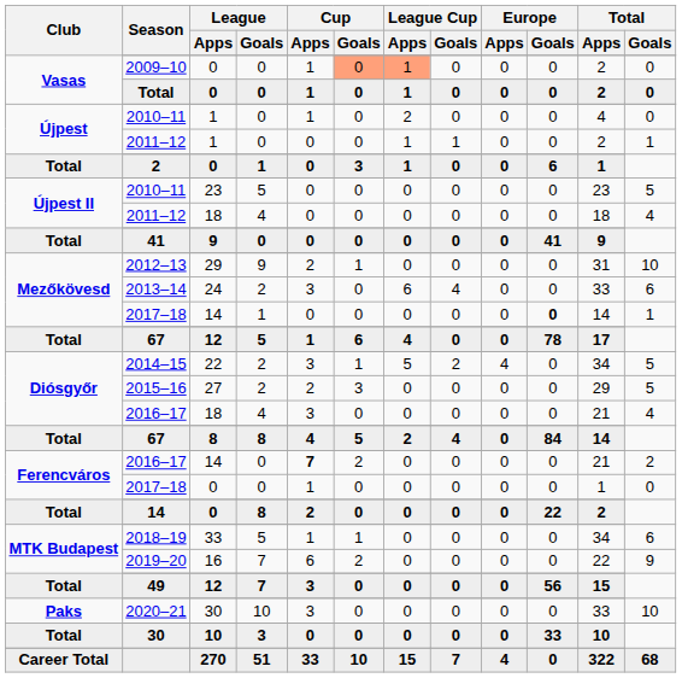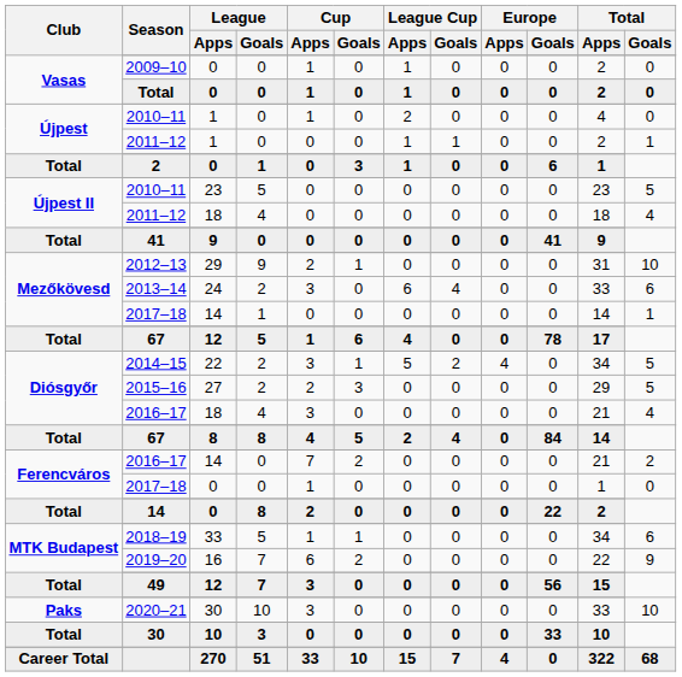 <table class="wikitable" style="font-size:90%; text-align: center;">
 <tr>
 <th rowspan="2">Club</th>
 <th rowspan="2">Season</th>
 <th colspan="2">League</th>
 <th colspan="2">Cup</th>
 <th colspan="2">League Cup</th>
 <th colspan="2">Europe</th>
 <th colspan="2">Total</th>
 </tr>
 <tr>
 <th>Apps</th>
 <th>Goals</th>
 <th>Apps</th>
 <th>Goals</th>
 <th>Apps</th>
 <th>Goals</th>
 <th>Apps</th>
 <th>Goals</th>
 <th>Apps</th>
 <th>Goals</th>
 </tr>
 <tr ||-||-||-|->
 <td rowspan="3" valign="center"><strong><a href='#'>Vasas</a></strong></td>
 </tr>
 <tr>
 <td><a href='#'>2009–10</a></td>
 <td>0</td>
 <td>0</td>
 <td>1</td>
-<td style="background: lightsalmon;">0</td>
-<td style="background: lightsalmon;">1</td>
+<td>0</td>
+<td>1</td>
 <td>0</td>
 <td>0</td>
 <td>0</td>
 <td>2</td>
 <td>0</td>
 </tr>
 <tr style="font-weight:bold; background-color:#eeeeee;">
 <td>Total</td>
 <td>0</td>
 <td>0</td>
 <td>1</td>
 <td>0</td>
 <td>1</td>
 <td>0</td>
 <td>0</td>
 <td>0</td>
 <td>2</td>
 <td>0</td>
 </tr>
 <tr>
 <td rowspan="4" valign="center"><strong><a href='#'>Újpest</a></strong></td>
 </tr>
 <tr>
 <td><a href='#'>2010–11</a></td>
 <td>1</td>
 <td>0</td>
 <td>1</td>
 <td>0</td>
 <td>2</td>
 <td>0</td>
 <td>0</td>
 <td>0</td>
 <td>4</td>
 <td>0</td>
 </tr>
 <tr>
 <td><a href='#'>2011–12</a></td>
 <td>1</td>
 <td>0</td>
 <td>0</td>
 <td>0</td>
 <td>1</td>
 <td>1</td>
 <td>0</td>
 <td>0</td>
 <td>2</td>
 <td>1</td>
 </tr>
 <tr>
 </tr>
 <tr style="font-weight:bold; background-color:#eeeeee;">
 <td>Total</td>
 <td>2</td>
 <td>0</td>
 <td>1</td>
 <td>0</td>
 <td>3</td>
 <td>1</td>
 <td>0</td>
 <td>0</td>
 <td>6</td>
 <td>1</td>
 </tr>
 <tr>
 <td rowspan="4" valign="center"><strong><a href='#'>Újpest II</a></strong></td>
 </tr>
 <tr>
 <td><a href='#'>2010–11</a></td>
 <td>23</td>
 <td>5</td>
 <td>0</td>
 <td>0</td>
 <td>0</td>
 <td>0</td>
 <td>0</td>
 <td>0</td>
 <td>23</td>
 <td>5</td>
 </tr>
 <tr>
 <td><a href='#'>2011–12</a></td>
 <td>18</td>
 <td>4</td>
 <td>0</td>
 <td>0</td>
 <td>0</td>
 <td>0</td>
 <td>0</td>
 <td>0</td>
 <td>18</td>
 <td>4</td>
 </tr>
 <tr>
 </tr>
 <tr style="font-weight:bold; background-color:#eeeeee;">
 <td>Total</td>
 <td>41</td>
 <td>9</td>
 <td>0</td>
 <td>0</td>
 <td>0</td>
 <td>0</td>
 <td>0</td>
 <td>0</td>
 <td>41</td>
 <td>9</td>
 </tr>
 <tr>
 <td rowspan="5" valign="center"><strong><a href='#'>Mezőkövesd</a></strong></td>
 </tr>
 <tr>
 <td><a href='#'>2012–13</a></td>
 <td>29</td>
 <td>9</td>
 <td>2</td>
 <td>1</td>
 <td>0</td>
 <td>0</td>
 <td>0</td>
 <td>0</td>
 <td>31</td>
 <td>10</td>
 </tr>
 <tr>
 <td><a href='#'>2013–14</a></td>
 <td>24</td>
 <td>2</td>
 <td>3</td>
 <td>0</td>
 <td>6</td>
 <td>4</td>
 <td>0</td>
 <td>0</td>
 <td>33</td>
 <td>6</td>
 </tr>
 <tr>
 <td><a href='#'>2017–18</a></td>
 <td>14</td>
 <td>1</td>
 <td>0</td>
 <td>0</td>
 <td>0</td>
 <td>0</td>
 <td>0</td>
-<td><strong>0</strong></td>
+<td>0</td>
 <td>14</td>
 <td>1</td>
 </tr>
 <tr>
 </tr>
 <tr style="font-weight:bold; background-color:#eeeeee;">
 <td>Total</td>
 <td>67</td>
 <td>12</td>
 <td>5</td>
 <td>1</td>
 <td>6</td>
 <td>4</td>
 <td>0</td>
 <td>0</td>
 <td>78</td>
 <td>17</td>
 </tr>
 <tr>
 <td rowspan="5" valign="center"><strong><a href='#'>Diósgyőr</a></strong></td>
 </tr>
 <tr>
 <td><a href='#'>2014–15</a></td>
 <td>22</td>
 <td>2</td>
 <td>3</td>
 <td>1</td>
 <td>5</td>
 <td>2</td>
 <td>4</td>
 <td>0</td>
 <td>34</td>
 <td>5</td>
 </tr>
 <tr>
 <td><a href='#'>2015–16</a></td>
 <td>27</td>
 <td>2</td>
 <td>2</td>
 <td>3</td>
 <td>0</td>
 <td>0</td>
 <td>0</td>
 <td>0</td>
 <td>29</td>
 <td>5</td>
 </tr>
 <tr>
 <td><a href='#'>2016–17</a></td>
 <td>18</td>
 <td>4</td>
 <td>3</td>
 <td>0</td>
 <td>0</td>
 <td>0</td>
 <td>0</td>
 <td>0</td>
 <td>21</td>
 <td>4</td>
 </tr>
 <tr>
 </tr>
 <tr style="font-weight:bold; background-color:#eeeeee;">
 <td>Total</td>
 <td>67</td>
 <td>8</td>
 <td>8</td>
 <td>4</td>
 <td>5</td>
 <td>2</td>
 <td>4</td>
 <td>0</td>
 <td>84</td>
 <td>14</td>
 </tr>
 <tr>
 <td rowspan="4" valign="center"><strong><a href='#'>Ferencváros</a></strong></td>
 </tr>
 <tr>
 <td><a href='#'>2016–17</a></td>
 <td>14</td>
 <td>0</td>
-<td><strong>7</strong></td>
+<td>7</td>
 <td>2</td>
 <td>0</td>
 <td>0</td>
 <td>0</td>
 <td>0</td>
 <td>21</td>
 <td>2</td>
 </tr>
 <tr>
 <td><a href='#'>2017–18</a></td>
 <td>0</td>
 <td>0</td>
 <td>1</td>
 <td>0</td>
 <td>0</td>
 <td>0</td>
 <td>0</td>
 <td>0</td>
 <td>1</td>
 <td>0</td>
 </tr>
 <tr>
 </tr>
 <tr style="font-weight:bold; background-color:#eeeeee;">
 <td>Total</td>
 <td>14</td>
 <td>0</td>
 <td>8</td>
 <td>2</td>
 <td>0</td>
 <td>0</td>
 <td>0</td>
 <td>0</td>
 <td>22</td>
 <td>2</td>
 </tr>
 <tr>
 <td rowspan="4" valign="center"><strong><a href='#'>MTK Budapest</a></strong></td>
 </tr>
 <tr>
 <td><a href='#'>2018–19</a></td>
 <td>33</td>
 <td>5</td>
 <td>1</td>
 <td>1</td>
 <td>0</td>
 <td>0</td>
 <td>0</td>
 <td>0</td>
 <td>34</td>
 <td>6</td>
 </tr>
 <tr>
 <td><a href='#'>2019–20</a></td>
 <td>16</td>
 <td>7</td>
 <td>6</td>
 <td>2</td>
 <td>0</td>
 <td>0</td>
 <td>0</td>
 <td>0</td>
 <td>22</td>
 <td>9</td>
 </tr>
 <tr>
 </tr>
 <tr style="font-weight:bold; background-color:#eeeeee;">
 <td>Total</td>
 <td>49</td>
 <td>12</td>
 <td>7</td>
 <td>3</td>
 <td>0</td>
 <td>0</td>
 <td>0</td>
 <td>0</td>
 <td>56</td>
 <td>15</td>
 </tr>
 <tr>
 <td rowspan="3" valign="center"><strong><a href='#'>Paks</a></strong></td>
 </tr>
 <tr>
 <td><a href='#'>2020–21</a></td>
 <td>30</td>
 <td>10</td>
 <td>3</td>
 <td>0</td>
 <td>0</td>
 <td>0</td>
 <td>0</td>
 <td>0</td>
 <td>33</td>
 <td>10</td>
 </tr>
 <tr>
 </tr>
 <tr style="font-weight:bold; background-color:#eeeeee;">
 <td>Total</td>
 <td>30</td>
 <td>10</td>
 <td>3</td>
 <td>0</td>
 <td>0</td>
 <td>0</td>
 <td>0</td>
 <td>0</td>
 <td>33</td>
 <td>10</td>
 </tr>
 <tr>
 </tr>
 <tr style="font-weight:bold; background-color:#eeeeee;">
 <td rowspan="1" valign="top"><strong>Career Total</strong></td>
 <td></td>
 <td><strong>270</strong></td>
 <td><strong>51</strong></td>
 <td><strong>33</strong></td>
 <td><strong>10</strong></td>
 <td><strong>15</strong></td>
 <td><strong>7</strong></td>
 <td><strong>4</strong></td>
 <td><strong>0</strong></td>
 <td><strong>322</strong></td>
 <td><strong>68</strong></td>
 </tr>
 </table>
